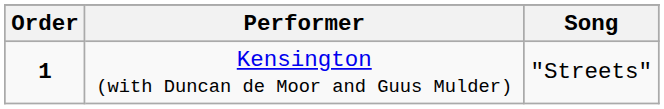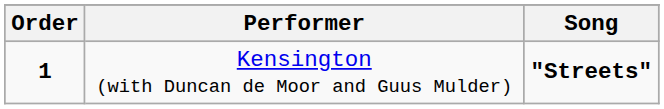 <table class="wikitable" style="text-align:center; width:30%;">
 <tr>
 </tr>
 <tr>
 <th>Order</th>
 <th>Performer</th>
 <th>Song</th>
 </tr>
 <tr>
 <td><strong>1</strong></td>
 <td><a href='#'>Kensington</a> <br><small>(with Duncan de Moor and Guus Mulder)</small></td>
-<td>"Streets"</td>
+<td><strong>"Streets"</strong></td>
 </tr>
 </table>
